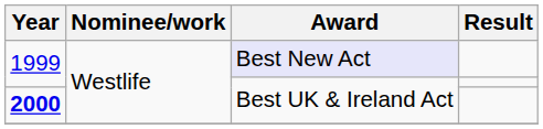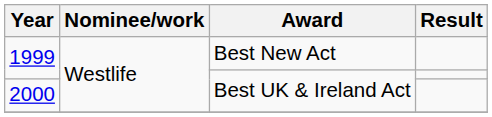 <table class="wikitable">
 <tr>
 <th>Year</th>
 <th>Nominee/work</th>
 <th>Award</th>
 <th>Result</th>
 </tr>
 <tr>
 <td rowspan="2"><a href='#'>1999</a></td>
 <td rowspan="3">Westlife</td>
-<td style="background: lavender;">Best New Act</td>
+<td>Best New Act</td>
 <td></td>
 </tr>
 <tr>
 <td rowspan="2">Best UK & Ireland Act</td>
 <td></td>
 </tr>
 <tr>
-<td><strong><a href='#'>2000</a></strong></td>
+<td><a href='#'>2000</a></td>
 <td></td>
 </tr>
 <tr>
 </tr>
 </table>
